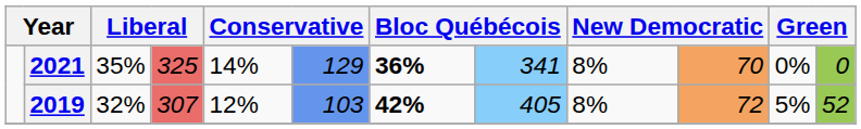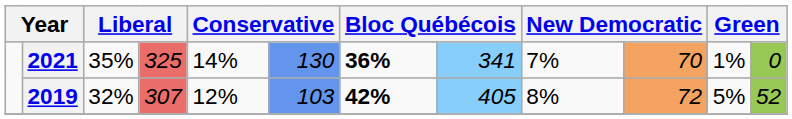 <table class="wikitable" style="float:right; width:400; font-size:90%; margin-left:1em;">
 <tr>
 <th colspan="2" scope="col">Year</th>
 <th colspan="2" scope="col"><a href='#'>Liberal</a></th>
 <th colspan="2" scope="col"><a href='#'>Conservative</a></th>
 <th colspan="2" scope="col"><a href='#'>Bloc Québécois</a></th>
 <th colspan="2" scope="col"><a href='#'>New Democratic</a></th>
 <th colspan="2" scope="col"><a href='#'>Green</a></th>
 </tr>
 <tr>
 <td rowspan="2" style="width: 0.25em; background-color: "></td>
 <th><a href='#'>2021</a></th>
 <td>35%</td>
 <td style="text-align:right; background:#EA6D6A;"><em>325</em></td>
 <td>14%</td>
-<td style="text-align:right; background:#6495ED;"><em>129</em></td>
+<td style="text-align:right; background:#6495ED;"><em>130</em></td>
 <td><strong>36%</strong></td>
 <td style="text-align:right; background:#87CEFA;"><em>341</em></td>
-<td>8%</td>
+<td>7%</td>
 <td style="text-align:right; background:#F4A460;"><em>70</em></td>
-<td>0%</td>
+<td>1%</td>
 <td style="text-align:right; background:#99C955;"><em>0</em></td>
 </tr>
 <tr>
 <th><a href='#'>2019</a></th>
 <td>32%</td>
 <td style="text-align:right; background:#EA6D6A;"><em>307</em></td>
 <td>12%</td>
 <td style="text-align:right; background:#6495ED;"><em>103</em></td>
 <td><strong>42%</strong></td>
 <td style="text-align:right; background:#87CEFA;"><em>405</em></td>
 <td>8%</td>
 <td style="text-align:right; background:#F4A460;"><em>72</em></td>
 <td>5%</td>
 <td style="text-align:right; background:#99C955;"><em>52</em></td>
 </tr>
 <tr>
 </tr>
 </table>
